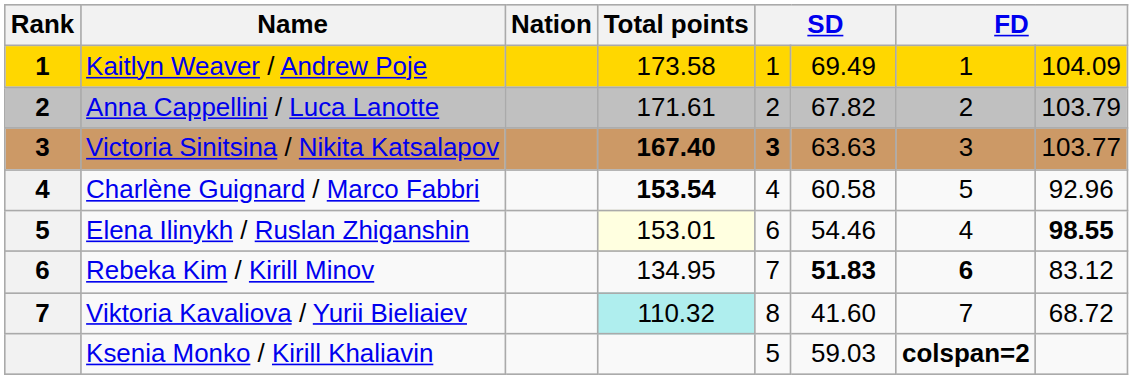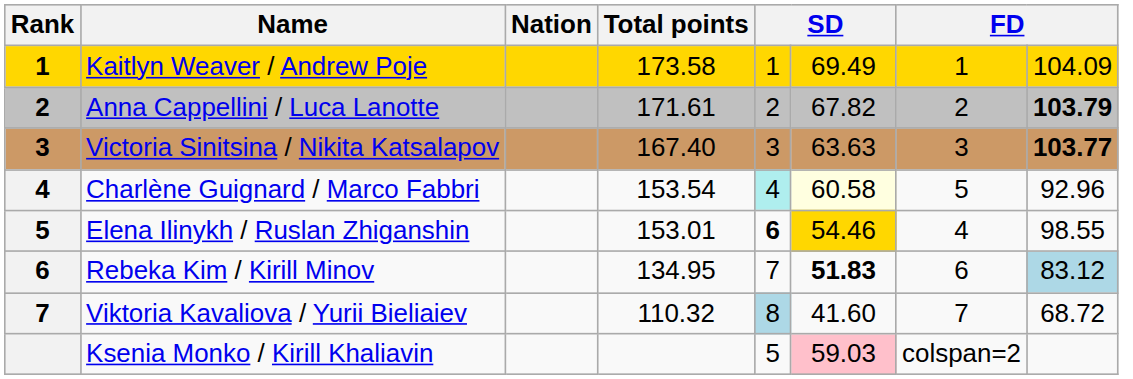 <table class="wikitable sortable">
 <tr>
 <th>Rank</th>
 <th>Name</th>
 <th>Nation</th>
 <th>Total points</th>
 <th colspan="2" width="80px"><a href='#'>SD</a></th>
 <th colspan="2" width="80px"><a href='#'>FD</a></th>
 </tr>
 <tr bgcolor="gold">
 <td align="center"><strong>1</strong></td>
 <td><a href='#'>Kaitlyn Weaver</a> / <a href='#'>Andrew Poje</a></td>
 <td></td>
 <td align="center">173.58</td>
 <td align="center">1</td>
 <td align="center">69.49</td>
 <td align="center">1</td>
 <td align="center">104.09</td>
 </tr>
 <tr bgcolor="silver">
 <td align="center"><strong>2</strong></td>
 <td><a href='#'>Anna Cappellini</a> / <a href='#'>Luca Lanotte</a></td>
 <td></td>
 <td align="center">171.61</td>
 <td align="center">2</td>
 <td align="center">67.82</td>
 <td align="center">2</td>
-<td align="center">103.79</td>
+<td align="center"><strong>103.79</strong></td>
 </tr>
 <tr bgcolor="cc9966">
 <td align="center"><strong>3</strong></td>
 <td><a href='#'>Victoria Sinitsina</a> / <a href='#'>Nikita Katsalapov</a></td>
 <td></td>
-<td align="center"><strong>167.40</strong></td>
-<td align="center"><strong>3</strong></td>
+<td align="center">167.40</td>
+<td align="center">3</td>
 <td align="center">63.63</td>
 <td align="center">3</td>
-<td align="center">103.77</td>
+<td align="center"><strong>103.77</strong></td>
 </tr>
 <tr>
 <th>4</th>
 <td><a href='#'>Charlène Guignard</a> / <a href='#'>Marco Fabbri</a></td>
 <td></td>
-<td align="center"><strong>153.54</strong></td>
-<td align="center">4</td>
-<td align="center">60.58</td>
+<td align="center">153.54</td>
+<td align="center" style="background: paleturquoise;">4</td>
+<td align="center" style="background: lightyellow;">60.58</td>
 <td align="center">5</td>
 <td align="center">92.96</td>
 </tr>
 <tr>
 <th>5</th>
 <td><a href='#'>Elena Ilinykh</a> / <a href='#'>Ruslan Zhiganshin</a></td>
 <td></td>
-<td align="center" style="background: lightyellow;">153.01</td>
-<td align="center">6</td>
-<td align="center">54.46</td>
+<td align="center">153.01</td>
+<td align="center"><strong>6</strong></td>
+<td align="center" style="background: gold;">54.46</td>
 <td align="center">4</td>
-<td align="center"><strong>98.55</strong></td>
+<td align="center">98.55</td>
 </tr>
 <tr>
 <th>6</th>
 <td><a href='#'>Rebeka Kim</a> / <a href='#'>Kirill Minov</a></td>
 <td></td>
 <td align="center">134.95</td>
 <td align="center">7</td>
 <td align="center"><strong>51.83</strong></td>
-<td align="center"><strong>6</strong></td>
-<td align="center">83.12</td>
+<td align="center">6</td>
+<td align="center" style="background: lightblue;">83.12</td>
 </tr>
 <tr>
 <th>7</th>
 <td><a href='#'>Viktoria Kavaliova</a> / <a href='#'>Yurii Bieliaiev</a></td>
 <td></td>
-<td align="center" style="background: paleturquoise;">110.32</td>
-<td align="center">8</td>
+<td align="center">110.32</td>
+<td align="center" style="background: lightblue;">8</td>
 <td align="center">41.60</td>
 <td align="center">7</td>
 <td align="center">68.72</td>
 </tr>
 <tr>
 <th></th>
 <td><a href='#'>Ksenia Monko</a> / <a href='#'>Kirill Khaliavin</a></td>
 <td></td>
 <td></td>
 <td align="center">5</td>
-<td align="center">59.03</td>
-<td><strong>colspan=2 </strong></td>
+<td align="center" style="background: pink;">59.03</td>
+<td>colspan=2 </td>
 </tr>
 </table>
